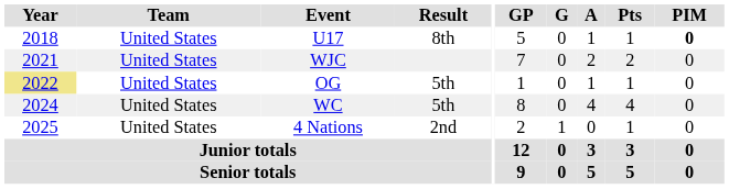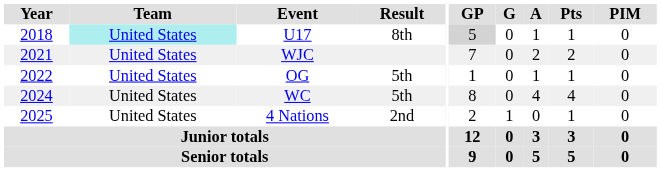 <table border="0" cellpadding="1" cellspacing="0" ID="Table3" style="text-align:center; width:40em">
 <tr bgcolor="#e0e0e0">
 <th>Year</th>
 <th>Team</th>
 <th>Event</th>
 <th>Result</th>
 <th rowspan="99" bgcolor="#ffffff"></th>
 <th>GP</th>
 <th>G</th>
 <th>A</th>
 <th>Pts</th>
 <th>PIM</th>
 </tr>
 <tr>
 <td><a href='#'>2018</a></td>
-<td><a href='#'>United States</a></td>
+<td style="background: paleturquoise;"><a href='#'>United States</a></td>
 <td><a href='#'>U17</a></td>
 <td>8th</td>
-<td>5</td>
+<td style="background: lightgrey;">5</td>
 <td>0</td>
 <td>1</td>
 <td>1</td>
-<td><strong>0</strong></td>
+<td>0</td>
 </tr>
 <tr style="background:#f0f0f0;">
 <td><a href='#'>2021</a></td>
 <td><a href='#'>United States</a></td>
 <td><a href='#'>WJC</a></td>
 <td></td>
 <td>7</td>
 <td>0</td>
 <td>2</td>
 <td>2</td>
 <td>0</td>
 </tr>
 <tr>
-<td style="background: khaki;"><a href='#'>2022</a></td>
+<td><a href='#'>2022</a></td>
 <td><a href='#'>United States</a></td>
 <td><a href='#'>OG</a></td>
 <td>5th</td>
 <td>1</td>
 <td>0</td>
 <td>1</td>
 <td>1</td>
 <td>0</td>
 </tr>
 <tr bgcolor="#f0f0f0">
 <td><a href='#'>2024</a></td>
 <td>United States</td>
 <td><a href='#'>WC</a></td>
 <td>5th</td>
 <td>8</td>
 <td>0</td>
 <td>4</td>
 <td>4</td>
 <td>0</td>
 </tr>
 <tr bgcolor=>
 <td><a href='#'>2025</a></td>
 <td>United States</td>
 <td><a href='#'>4 Nations</a></td>
 <td>2nd</td>
 <td>2</td>
 <td>1</td>
 <td>0</td>
 <td>1</td>
 <td>0</td>
 </tr>
 <tr bgcolor="#e0e0e0">
 <th colspan="4">Junior totals</th>
 <th>12</th>
 <th>0</th>
 <th>3</th>
 <th>3</th>
 <th>0</th>
 </tr>
 <tr bgcolor="#e0e0e0">
 <th colspan="4">Senior totals</th>
 <th>9</th>
 <th>0</th>
 <th>5</th>
 <th>5</th>
 <th>0</th>
 </tr>
 </table>
